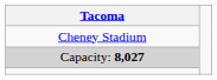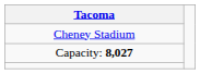 <table class="wikitable" style="text-align:center" width=250>
 <tr>
 <th> <strong><a href='#'>Tacoma</a></strong></th>
 <td rowspan=4></td>
 </tr>
 <tr>
 <td><a href='#'>Cheney Stadium</a></td>
 </tr>
 <tr>
-<td style="background: lightgrey;">Capacity: <strong>8,027</strong></td>
+<td>Capacity: <strong>8,027</strong></td>
 </tr>
 <tr>
 <td></td>
 </tr>
 </table>
